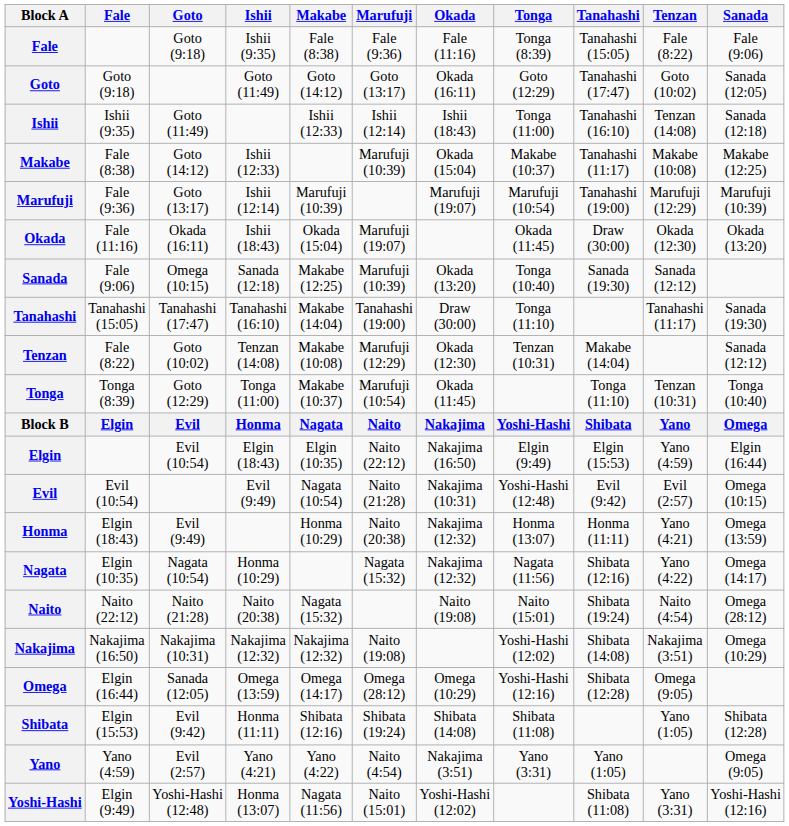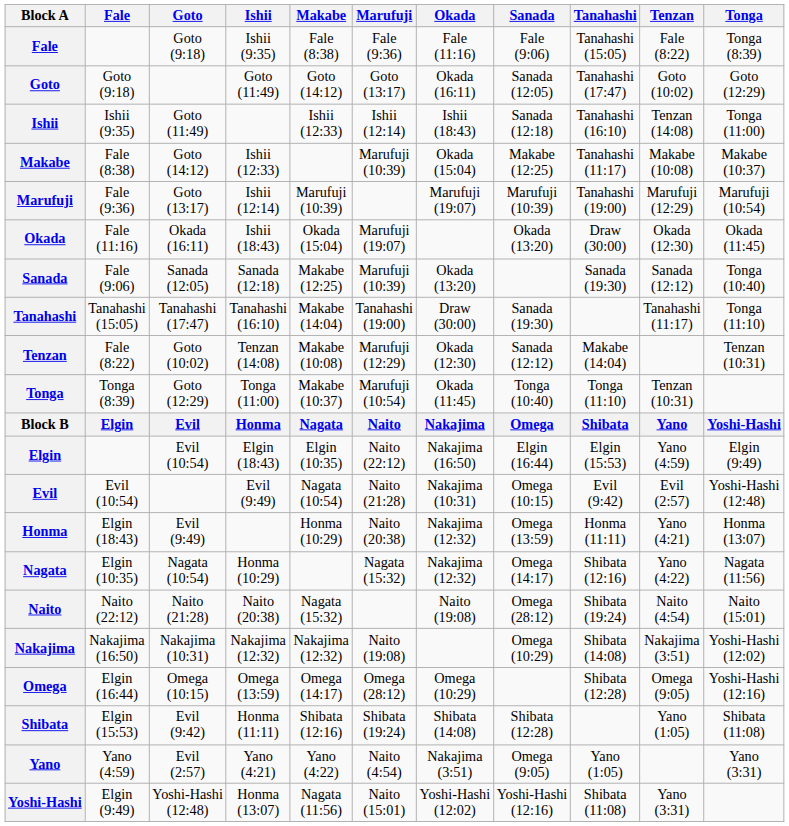 <table class="wikitable" align=center style="margin: 1em auto 1em auto">
 <tr align="center">
 <th>Block A</th>
 <th><a href='#'>Fale</a></th>
 <th><a href='#'>Goto</a></th>
 <th><a href='#'>Ishii</a></th>
 <th><a href='#'>Makabe</a></th>
 <th><a href='#'>Marufuji</a></th>
 <th><a href='#'>Okada</a></th>
-<th><a href='#'>Tonga</a></th>
+<th><a href='#'>Sanada</a></th>
 <th><a href='#'>Tanahashi</a></th>
 <th><a href='#'>Tenzan</a></th>
-<th><a href='#'>Sanada</a></th>
+<th><a href='#'>Tonga</a></th>
 </tr>
 <tr align="center">
 <th><a href='#'>Fale</a></th>
 <td></td>
 <td>Goto<br>(9:18)</td>
 <td>Ishii<br>(9:35)</td>
 <td>Fale<br>(8:38)</td>
 <td>Fale<br>(9:36)</td>
 <td>Fale<br>(11:16)</td>
-<td>Tonga<br>(8:39)</td>
+<td>Fale<br>(9:06)</td>
 <td>Tanahashi<br>(15:05)</td>
 <td>Fale<br>(8:22)</td>
-<td>Fale<br>(9:06)</td>
+<td>Tonga<br>(8:39)</td>
 </tr>
 <tr align="center">
 <th><a href='#'>Goto</a></th>
 <td>Goto<br>(9:18)</td>
 <td></td>
 <td>Goto<br>(11:49)</td>
 <td>Goto<br>(14:12)</td>
 <td>Goto<br>(13:17)</td>
 <td>Okada<br>(16:11)</td>
-<td>Goto<br>(12:29)</td>
+<td>Sanada<br>(12:05)</td>
 <td>Tanahashi<br>(17:47)</td>
 <td>Goto<br>(10:02)</td>
-<td>Sanada<br>(12:05)</td>
+<td>Goto<br>(12:29)</td>
 </tr>
 <tr align="center">
 <th><a href='#'>Ishii</a></th>
 <td>Ishii<br>(9:35)</td>
 <td>Goto<br>(11:49)</td>
 <td></td>
 <td>Ishii<br>(12:33)</td>
 <td>Ishii<br>(12:14)</td>
 <td>Ishii<br>(18:43)</td>
-<td>Tonga<br>(11:00)</td>
+<td>Sanada<br>(12:18)</td>
 <td>Tanahashi<br>(16:10)</td>
 <td>Tenzan<br>(14:08)</td>
-<td>Sanada<br>(12:18)</td>
+<td>Tonga<br>(11:00)</td>
 </tr>
 <tr align="center">
 <th><a href='#'>Makabe</a></th>
 <td>Fale<br>(8:38)</td>
 <td>Goto<br>(14:12)</td>
 <td>Ishii<br>(12:33)</td>
 <td></td>
 <td>Marufuji<br>(10:39)</td>
 <td>Okada<br>(15:04)</td>
-<td>Makabe<br>(10:37)</td>
+<td>Makabe<br>(12:25)</td>
 <td>Tanahashi<br>(11:17)</td>
 <td>Makabe<br>(10:08)</td>
-<td>Makabe<br>(12:25)</td>
+<td>Makabe<br>(10:37)</td>
 </tr>
 <tr align="center">
 <th><a href='#'>Marufuji</a></th>
 <td>Fale<br>(9:36)</td>
 <td>Goto<br>(13:17)</td>
 <td>Ishii<br>(12:14)</td>
 <td>Marufuji<br>(10:39)</td>
 <td></td>
 <td>Marufuji<br>(19:07)</td>
-<td>Marufuji<br>(10:54)</td>
+<td>Marufuji<br>(10:39)</td>
 <td>Tanahashi<br>(19:00)</td>
 <td>Marufuji<br>(12:29)</td>
-<td>Marufuji<br>(10:39)</td>
+<td>Marufuji<br>(10:54)</td>
 </tr>
 <tr align="center">
 <th><a href='#'>Okada</a></th>
 <td>Fale<br>(11:16)</td>
 <td>Okada<br>(16:11)</td>
 <td>Ishii<br>(18:43)</td>
 <td>Okada<br>(15:04)</td>
 <td>Marufuji<br>(19:07)</td>
 <td></td>
-<td>Okada<br>(11:45)</td>
+<td>Okada<br>(13:20)</td>
 <td>Draw<br>(30:00)</td>
 <td>Okada<br>(12:30)</td>
-<td>Okada<br>(13:20)</td>
+<td>Okada<br>(11:45)</td>
 </tr>
 <tr align="center">
 <th><a href='#'>Sanada</a></th>
 <td>Fale<br>(9:06)</td>
-<td>Omega<br>(10:15)</td>
+<td>Sanada<br>(12:05)</td>
 <td>Sanada<br>(12:18)</td>
 <td>Makabe<br>(12:25)</td>
 <td>Marufuji<br>(10:39)</td>
 <td>Okada<br>(13:20)</td>
-<td>Tonga<br>(10:40)</td>
+<td></td>
 <td>Sanada<br>(19:30)</td>
 <td>Sanada<br>(12:12)</td>
-<td></td>
+<td>Tonga<br>(10:40)</td>
 </tr>
 <tr align="center">
 <th><a href='#'>Tanahashi</a></th>
 <td>Tanahashi<br>(15:05)</td>
 <td>Tanahashi<br>(17:47)</td>
 <td>Tanahashi<br>(16:10)</td>
 <td>Makabe<br>(14:04)</td>
 <td>Tanahashi<br>(19:00)</td>
 <td>Draw<br>(30:00)</td>
-<td>Tonga<br>(11:10)</td>
+<td>Sanada<br>(19:30)</td>
 <td></td>
 <td>Tanahashi<br>(11:17)</td>
-<td>Sanada<br>(19:30)</td>
+<td>Tonga<br>(11:10)</td>
 </tr>
 <tr align="center">
 <th><a href='#'>Tenzan</a></th>
 <td>Fale<br>(8:22)</td>
 <td>Goto<br>(10:02)</td>
 <td>Tenzan<br>(14:08)</td>
 <td>Makabe<br>(10:08)</td>
 <td>Marufuji<br>(12:29)</td>
 <td>Okada<br>(12:30)</td>
-<td>Tenzan<br>(10:31)</td>
+<td>Sanada<br>(12:12)</td>
 <td>Makabe<br>(14:04)</td>
 <td></td>
-<td>Sanada<br>(12:12)</td>
+<td>Tenzan<br>(10:31)</td>
 </tr>
 <tr align="center">
 <th><a href='#'>Tonga</a></th>
 <td>Tonga<br>(8:39)</td>
 <td>Goto<br>(12:29)</td>
 <td>Tonga<br>(11:00)</td>
 <td>Makabe<br>(10:37)</td>
 <td>Marufuji<br>(10:54)</td>
 <td>Okada<br>(11:45)</td>
-<td></td>
+<td>Tonga<br>(10:40)</td>
 <td>Tonga<br>(11:10)</td>
 <td>Tenzan<br>(10:31)</td>
-<td>Tonga<br>(10:40)</td>
+<td></td>
 </tr>
 <tr align="center">
 <th>Block B</th>
 <th><a href='#'>Elgin</a></th>
 <th><a href='#'>Evil</a></th>
 <th><a href='#'>Honma</a></th>
 <th><a href='#'>Nagata</a></th>
 <th><a href='#'>Naito</a></th>
 <th><a href='#'>Nakajima</a></th>
-<th><a href='#'>Yoshi-Hashi</a></th>
+<th><a href='#'>Omega</a></th>
 <th><a href='#'>Shibata</a></th>
 <th><a href='#'>Yano</a></th>
-<th><a href='#'>Omega</a></th>
+<th><a href='#'>Yoshi-Hashi</a></th>
 </tr>
 <tr align="center">
 <th><a href='#'>Elgin</a></th>
 <td></td>
 <td>Evil<br>(10:54)</td>
 <td>Elgin<br>(18:43)</td>
 <td>Elgin<br>(10:35)</td>
 <td>Naito<br>(22:12)</td>
 <td>Nakajima<br>(16:50)</td>
-<td>Elgin<br>(9:49)</td>
+<td>Elgin<br>(16:44)</td>
 <td>Elgin<br>(15:53)</td>
 <td>Yano<br>(4:59)</td>
-<td>Elgin<br>(16:44)</td>
+<td>Elgin<br>(9:49)</td>
 </tr>
 <tr align="center">
 <th><a href='#'>Evil</a></th>
 <td>Evil<br>(10:54)</td>
 <td></td>
 <td>Evil<br>(9:49)</td>
 <td>Nagata<br>(10:54)</td>
 <td>Naito<br>(21:28)</td>
 <td>Nakajima<br>(10:31)</td>
-<td>Yoshi-Hashi<br>(12:48)</td>
+<td>Omega<br>(10:15)</td>
 <td>Evil<br>(9:42)</td>
 <td>Evil<br>(2:57)</td>
-<td>Omega<br>(10:15)</td>
+<td>Yoshi-Hashi<br>(12:48)</td>
 </tr>
 <tr align="center">
 <th><a href='#'>Honma</a></th>
 <td>Elgin<br>(18:43)</td>
 <td>Evil<br>(9:49)</td>
 <td></td>
 <td>Honma<br>(10:29)</td>
 <td>Naito<br>(20:38)</td>
 <td>Nakajima<br>(12:32)</td>
-<td>Honma<br>(13:07)</td>
+<td>Omega<br>(13:59)</td>
 <td>Honma<br>(11:11)</td>
 <td>Yano<br>(4:21)</td>
-<td>Omega<br>(13:59)</td>
+<td>Honma<br>(13:07)</td>
 </tr>
 <tr align="center">
 <th><a href='#'>Nagata</a></th>
 <td>Elgin<br>(10:35)</td>
 <td>Nagata<br>(10:54)</td>
 <td>Honma<br>(10:29)</td>
 <td></td>
 <td>Nagata<br>(15:32)</td>
 <td>Nakajima<br>(12:32)</td>
-<td>Nagata<br>(11:56)</td>
+<td>Omega<br>(14:17)</td>
 <td>Shibata<br>(12:16)</td>
 <td>Yano<br>(4:22)</td>
-<td>Omega<br>(14:17)</td>
+<td>Nagata<br>(11:56)</td>
 </tr>
 <tr align="center">
 <th><a href='#'>Naito</a></th>
 <td>Naito<br>(22:12)</td>
 <td>Naito<br>(21:28)</td>
 <td>Naito<br>(20:38)</td>
 <td>Nagata<br>(15:32)</td>
 <td></td>
 <td>Naito<br>(19:08)</td>
-<td>Naito<br>(15:01)</td>
+<td>Omega<br>(28:12)</td>
 <td>Shibata<br>(19:24)</td>
 <td>Naito<br>(4:54)</td>
-<td>Omega<br>(28:12)</td>
+<td>Naito<br>(15:01)</td>
 </tr>
 <tr align="center">
 <th><a href='#'>Nakajima</a></th>
 <td>Nakajima<br>(16:50)</td>
 <td>Nakajima<br>(10:31)</td>
 <td>Nakajima<br>(12:32)</td>
 <td>Nakajima<br>(12:32)</td>
 <td>Naito<br>(19:08)</td>
 <td></td>
-<td>Yoshi-Hashi<br>(12:02)</td>
+<td>Omega<br>(10:29)</td>
 <td>Shibata<br>(14:08)</td>
 <td>Nakajima<br>(3:51)</td>
-<td>Omega<br>(10:29)</td>
+<td>Yoshi-Hashi<br>(12:02)</td>
 </tr>
 <tr align="center">
 <th><a href='#'>Omega</a></th>
 <td>Elgin<br>(16:44)</td>
-<td>Sanada<br>(12:05)</td>
+<td>Omega<br>(10:15)</td>
 <td>Omega<br>(13:59)</td>
 <td>Omega<br>(14:17)</td>
 <td>Omega<br>(28:12)</td>
 <td>Omega<br>(10:29)</td>
-<td>Yoshi-Hashi<br>(12:16)</td>
+<td></td>
 <td>Shibata<br>(12:28)</td>
 <td>Omega<br>(9:05)</td>
-<td></td>
+<td>Yoshi-Hashi<br>(12:16)</td>
 </tr>
 <tr align="center">
 <th><a href='#'>Shibata</a></th>
 <td>Elgin<br>(15:53)</td>
 <td>Evil<br>(9:42)</td>
 <td>Honma<br>(11:11)</td>
 <td>Shibata<br>(12:16)</td>
 <td>Shibata<br>(19:24)</td>
 <td>Shibata<br>(14:08)</td>
-<td>Shibata<br>(11:08)</td>
+<td>Shibata<br>(12:28)</td>
 <td></td>
 <td>Yano<br>(1:05)</td>
-<td>Shibata<br>(12:28)</td>
+<td>Shibata<br>(11:08)</td>
 </tr>
 <tr align="center">
 <th><a href='#'>Yano</a></th>
 <td>Yano<br>(4:59)</td>
 <td>Evil<br>(2:57)</td>
 <td>Yano<br>(4:21)</td>
 <td>Yano<br>(4:22)</td>
 <td>Naito<br>(4:54)</td>
 <td>Nakajima<br>(3:51)</td>
-<td>Yano<br>(3:31)</td>
+<td>Omega<br>(9:05)</td>
 <td>Yano<br>(1:05)</td>
 <td></td>
-<td>Omega<br>(9:05)</td>
+<td>Yano<br>(3:31)</td>
 </tr>
 <tr align="center">
 <th><a href='#'>Yoshi-Hashi</a></th>
 <td>Elgin<br>(9:49)</td>
 <td>Yoshi-Hashi<br>(12:48)</td>
 <td>Honma<br>(13:07)</td>
 <td>Nagata<br>(11:56)</td>
 <td>Naito<br>(15:01)</td>
 <td>Yoshi-Hashi<br>(12:02)</td>
-<td></td>
+<td>Yoshi-Hashi<br>(12:16)</td>
 <td>Shibata<br>(11:08)</td>
 <td>Yano<br>(3:31)</td>
-<td>Yoshi-Hashi<br>(12:16)</td>
+<td></td>
 </tr>
 </table>
